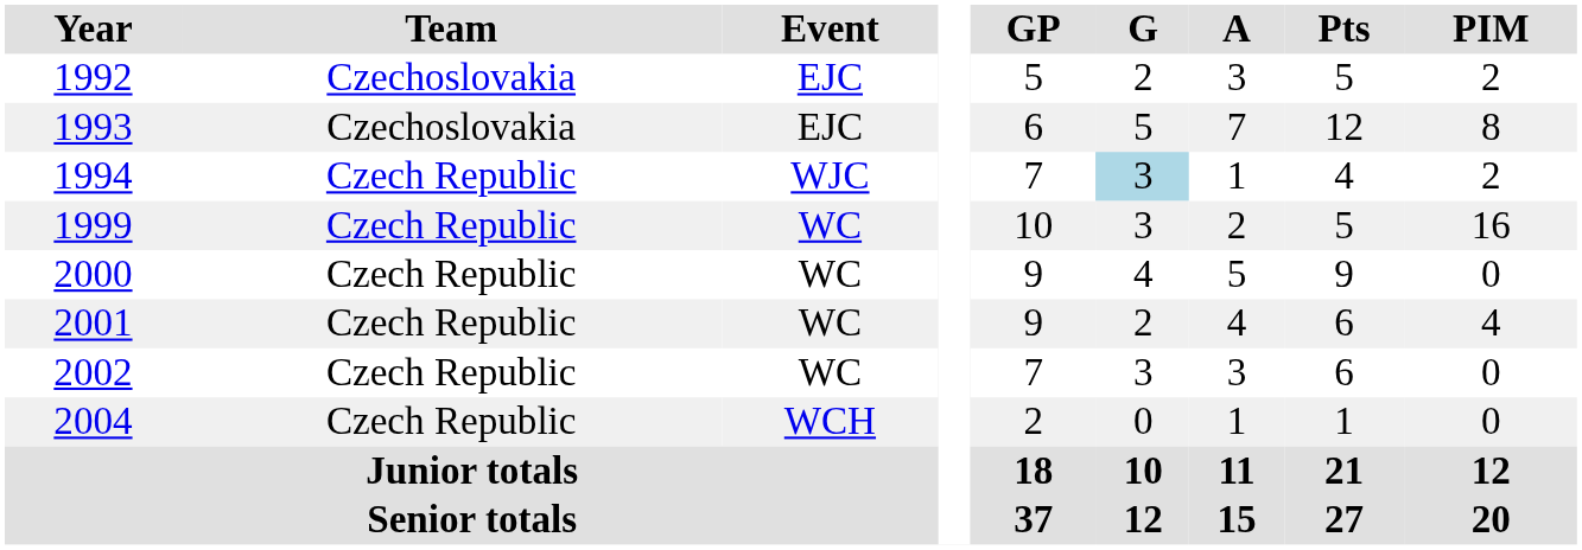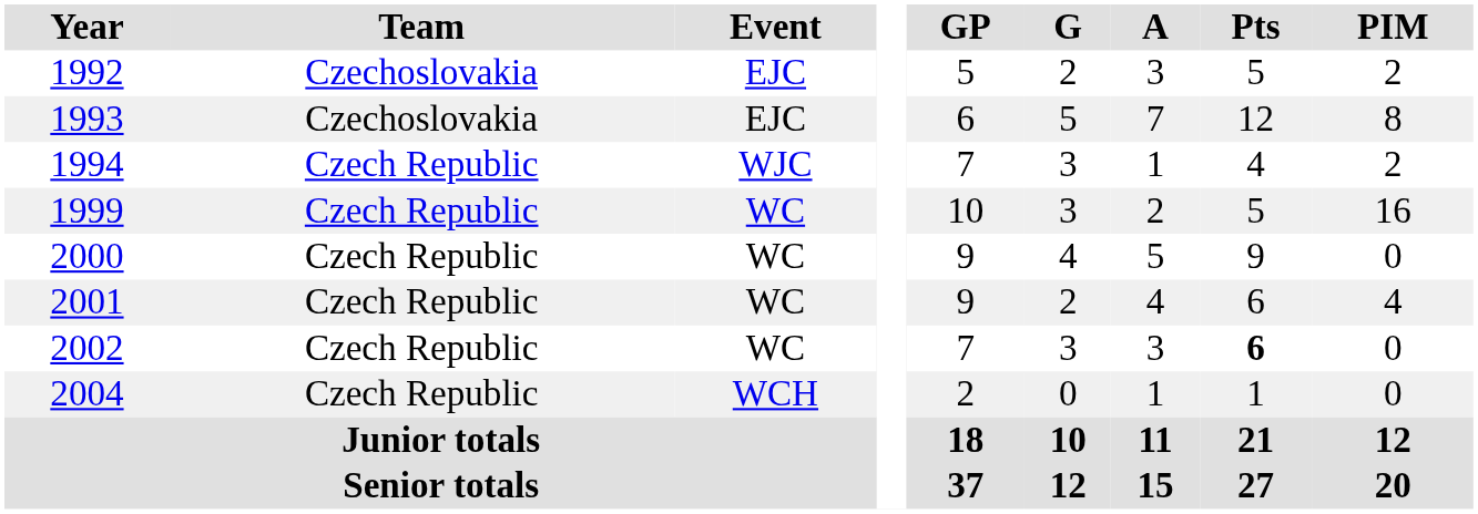 <table border="0" cellpadding="1" cellspacing="0" style="text-align:center; width:40em">
 <tr ALIGN="center" bgcolor="#e0e0e0">
 <th>Year</th>
 <th>Team</th>
 <th>Event</th>
 <th ALIGN="center" rowspan="99" bgcolor="#ffffff"> </th>
 <th>GP</th>
 <th>G</th>
 <th>A</th>
 <th>Pts</th>
 <th>PIM</th>
 </tr>
 <tr>
 <td><a href='#'>1992</a></td>
 <td><a href='#'>Czechoslovakia</a></td>
 <td><a href='#'>EJC</a></td>
 <td>5</td>
 <td>2</td>
 <td>3</td>
 <td>5</td>
 <td>2</td>
 </tr>
 <tr bgcolor="#f0f0f0">
 <td><a href='#'>1993</a></td>
 <td>Czechoslovakia</td>
 <td>EJC</td>
 <td>6</td>
 <td>5</td>
 <td>7</td>
 <td>12</td>
 <td>8</td>
 </tr>
 <tr>
 <td><a href='#'>1994</a></td>
 <td><a href='#'>Czech Republic</a></td>
 <td><a href='#'>WJC</a></td>
 <td>7</td>
-<td style="background: lightblue;">3</td>
+<td>3</td>
 <td>1</td>
 <td>4</td>
 <td>2</td>
 </tr>
 <tr bgcolor="#f0f0f0">
 <td><a href='#'>1999</a></td>
 <td><a href='#'>Czech Republic</a></td>
 <td><a href='#'>WC</a></td>
 <td>10</td>
 <td>3</td>
 <td>2</td>
 <td>5</td>
 <td>16</td>
 </tr>
 <tr>
 <td><a href='#'>2000</a></td>
 <td>Czech Republic</td>
 <td>WC</td>
 <td>9</td>
 <td>4</td>
 <td>5</td>
 <td>9</td>
 <td>0</td>
 </tr>
 <tr bgcolor="#f0f0f0">
 <td><a href='#'>2001</a></td>
 <td>Czech Republic</td>
 <td>WC</td>
 <td>9</td>
 <td>2</td>
 <td>4</td>
 <td>6</td>
 <td>4</td>
 </tr>
 <tr>
 <td><a href='#'>2002</a></td>
 <td>Czech Republic</td>
 <td>WC</td>
 <td>7</td>
 <td>3</td>
 <td>3</td>
-<td>6</td>
+<td><strong>6</strong></td>
 <td>0</td>
 </tr>
 <tr bgcolor="#f0f0f0">
 <td><a href='#'>2004</a></td>
 <td>Czech Republic</td>
 <td><a href='#'>WCH</a></td>
 <td>2</td>
 <td>0</td>
 <td>1</td>
 <td>1</td>
 <td>0</td>
 </tr>
 <tr bgcolor="#e0e0e0">
 <th colspan=3>Junior totals</th>
 <th>18</th>
 <th>10</th>
 <th>11</th>
 <th>21</th>
 <th>12</th>
 </tr>
 <tr bgcolor="#e0e0e0">
 <th colspan=3>Senior totals</th>
 <th>37</th>
 <th>12</th>
 <th>15</th>
 <th>27</th>
 <th>20</th>
 </tr>
 </table>
